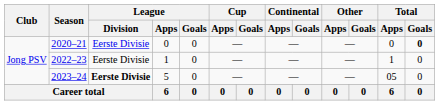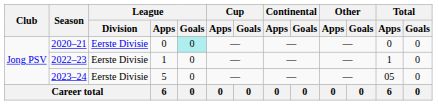 <table class="wikitable" Style="text-align: center">
 <tr>
 <th rowspan="2">Club</th>
 <th rowspan="2">Season</th>
 <th colspan="3">League</th>
 <th colspan="2">Cup</th>
 <th colspan="2">Continental</th>
 <th colspan="2">Other</th>
 <th colspan="2">Total</th>
 </tr>
 <tr>
 <th>Division</th>
 <th>Apps</th>
 <th>Goals</th>
 <th>Apps</th>
 <th>Goals</th>
 <th>Apps</th>
 <th>Goals</th>
 <th>Apps</th>
 <th>Goals</th>
 <th>Apps</th>
 <th>Goals</th>
 </tr>
 <tr>
 <td rowspan="3"><a href='#'>Jong PSV</a></td>
 <td><a href='#'>2020–21</a></td>
 <td><a href='#'>Eerste Divisie</a></td>
 <td>0</td>
-<td>0</td>
+<td style="background: paleturquoise;">0</td>
 <td colspan="2">—</td>
 <td colspan="2">—</td>
 <td colspan="2">—</td>
 <td>0</td>
-<td><strong>0</strong></td>
+<td>0</td>
 </tr>
 <tr>
 <td><a href='#'>2022–23</a></td>
 <td>Eerste Divisie</td>
 <td>1</td>
 <td>0</td>
 <td colspan="2">—</td>
 <td colspan="2">—</td>
 <td colspan="2">—</td>
 <td>1</td>
 <td>0</td>
 </tr>
 <tr>
 <td><a href='#'>2023–24</a></td>
-<td><strong>Eerste Divisie</strong></td>
+<td>Eerste Divisie</td>
 <td>5</td>
 <td>0</td>
 <td colspan="2">—</td>
 <td colspan="2">—</td>
 <td colspan="2">—</td>
 <td>05</td>
 <td>0</td>
 </tr>
 <tr>
 <th colspan="3">Career total</th>
 <th>6</th>
 <th>0</th>
 <th>0</th>
 <th>0</th>
 <th>0</th>
 <th>0</th>
 <th>0</th>
 <th>0</th>
 <th>6</th>
 <th>0</th>
 </tr>
 </table>
